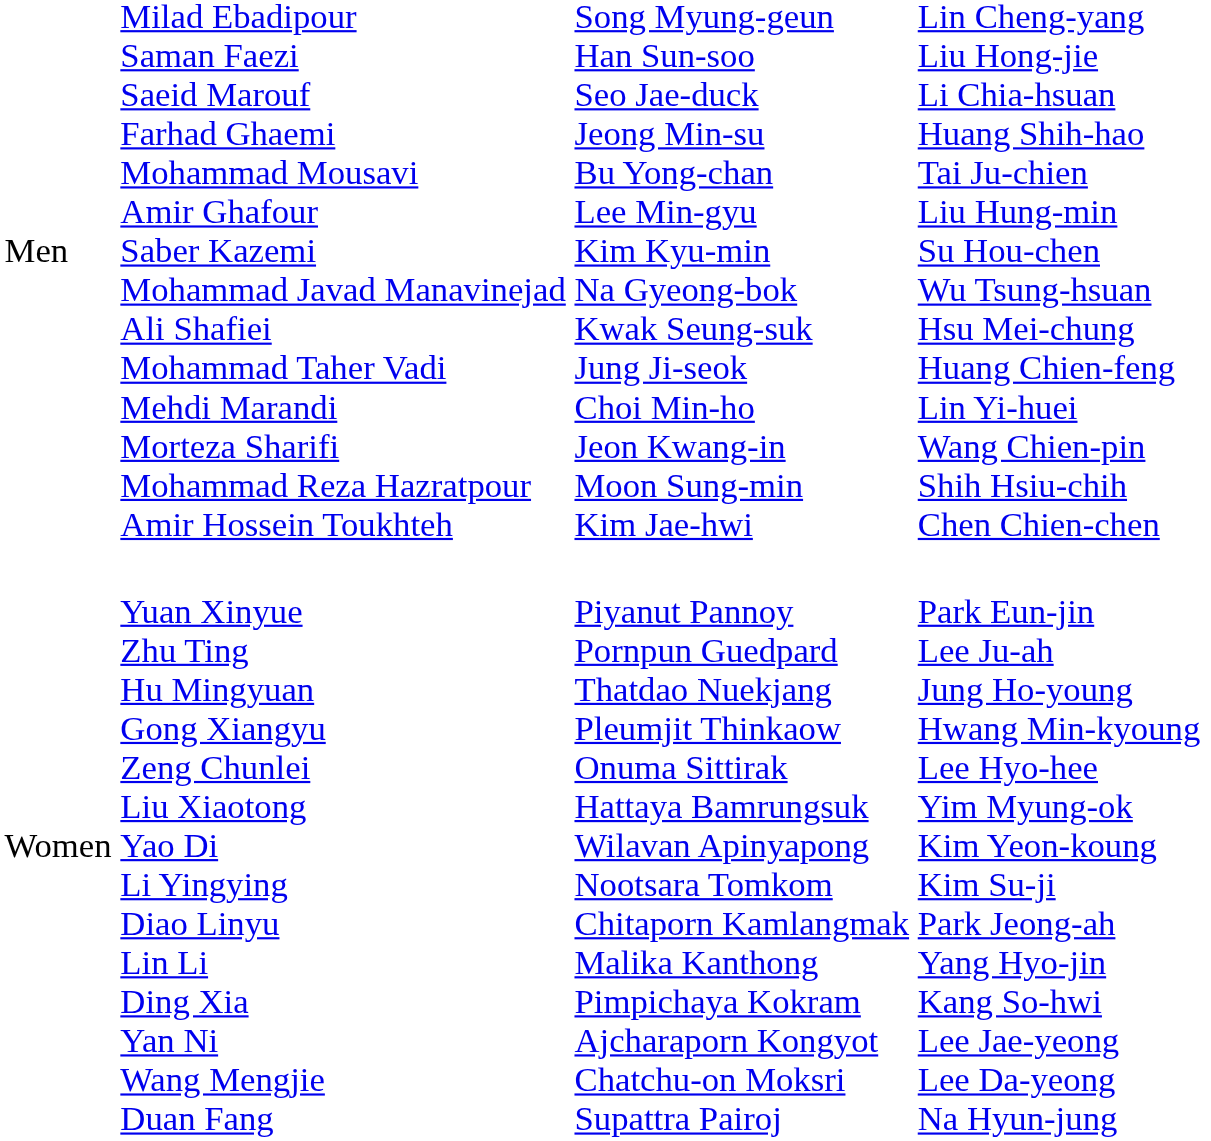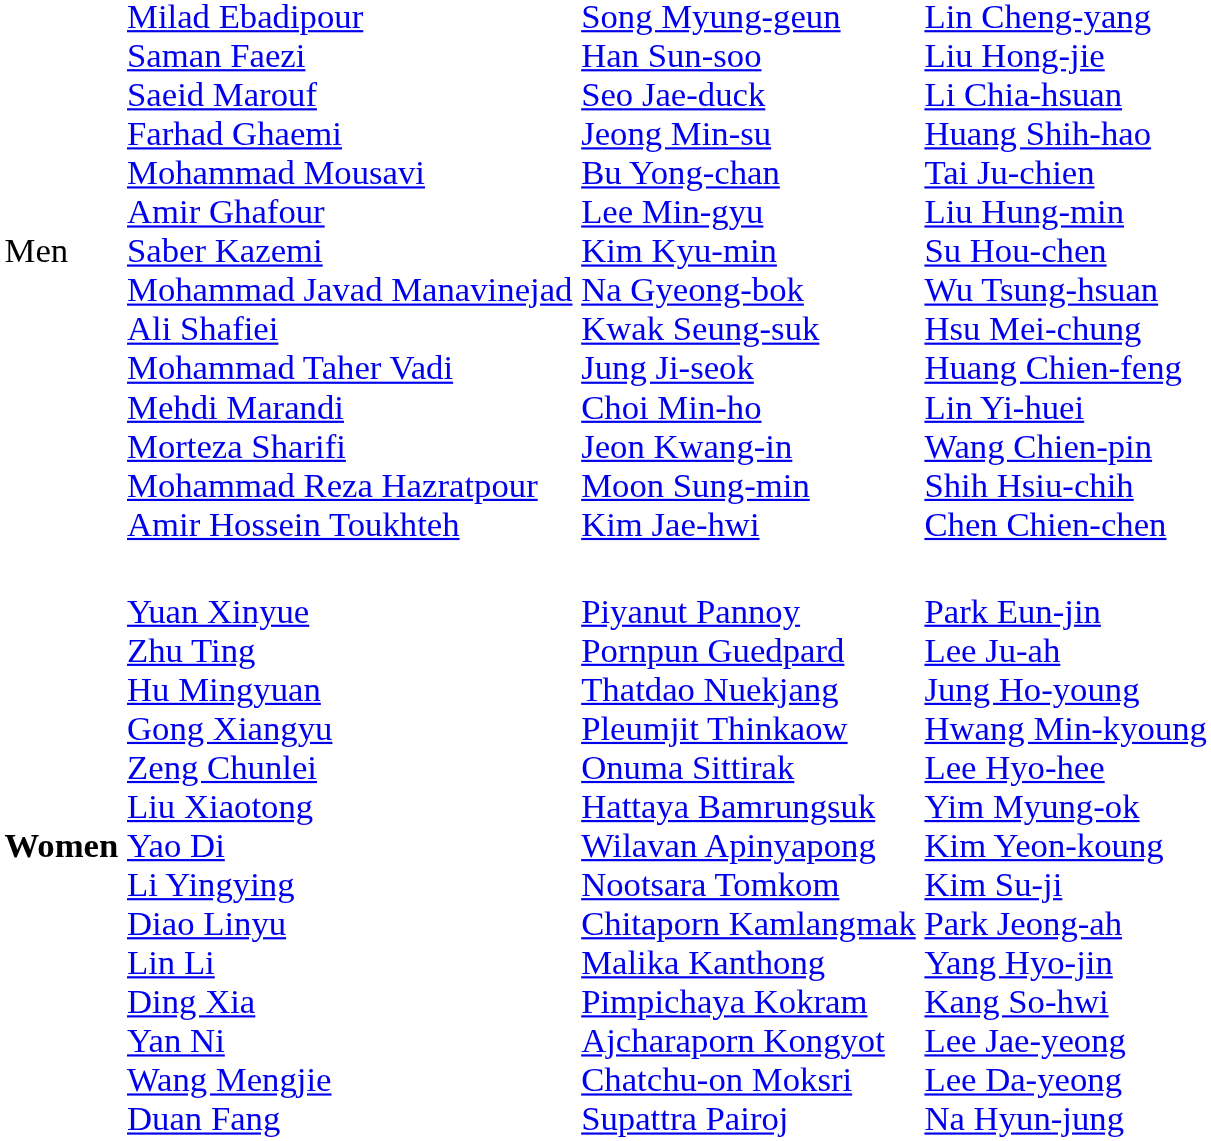 <table>
 <tr>
 <td>Men<br></td>
 <td><br><a href='#'>Milad Ebadipour</a><br><a href='#'>Saman Faezi</a><br><a href='#'>Saeid Marouf</a><br><a href='#'>Farhad Ghaemi</a><br><a href='#'>Mohammad Mousavi</a><br><a href='#'>Amir Ghafour</a><br><a href='#'>Saber Kazemi</a><br><a href='#'>Mohammad Javad Manavinejad</a><br><a href='#'>Ali Shafiei</a><br><a href='#'>Mohammad Taher Vadi</a><br><a href='#'>Mehdi Marandi</a><br><a href='#'>Morteza Sharifi</a><br><a href='#'>Mohammad Reza Hazratpour</a><br><a href='#'>Amir Hossein Toukhteh</a></td>
 <td><br><a href='#'>Song Myung-geun</a><br><a href='#'>Han Sun-soo</a><br><a href='#'>Seo Jae-duck</a><br><a href='#'>Jeong Min-su</a><br><a href='#'>Bu Yong-chan</a><br><a href='#'>Lee Min-gyu</a><br><a href='#'>Kim Kyu-min</a><br><a href='#'>Na Gyeong-bok</a><br><a href='#'>Kwak Seung-suk</a><br><a href='#'>Jung Ji-seok</a><br><a href='#'>Choi Min-ho</a><br><a href='#'>Jeon Kwang-in</a><br><a href='#'>Moon Sung-min</a><br><a href='#'>Kim Jae-hwi</a></td>
 <td><br><a href='#'>Lin Cheng-yang</a><br><a href='#'>Liu Hong-jie</a><br><a href='#'>Li Chia-hsuan</a><br><a href='#'>Huang Shih-hao</a><br><a href='#'>Tai Ju-chien</a><br><a href='#'>Liu Hung-min</a><br><a href='#'>Su Hou-chen</a><br><a href='#'>Wu Tsung-hsuan</a><br><a href='#'>Hsu Mei-chung</a><br><a href='#'>Huang Chien-feng</a><br><a href='#'>Lin Yi-huei</a><br><a href='#'>Wang Chien-pin</a><br><a href='#'>Shih Hsiu-chih</a><br><a href='#'>Chen Chien-chen</a></td>
 </tr>
 <tr>
-<td>Women<br></td>
+<td><strong>Women<br></strong></td>
 <td><br><a href='#'>Yuan Xinyue</a><br><a href='#'>Zhu Ting</a><br><a href='#'>Hu Mingyuan</a><br><a href='#'>Gong Xiangyu</a><br><a href='#'>Zeng Chunlei</a><br><a href='#'>Liu Xiaotong</a><br><a href='#'>Yao Di</a><br><a href='#'>Li Yingying</a><br><a href='#'>Diao Linyu</a><br><a href='#'>Lin Li</a><br><a href='#'>Ding Xia</a><br><a href='#'>Yan Ni</a><br><a href='#'>Wang Mengjie</a><br><a href='#'>Duan Fang</a></td>
 <td><br><a href='#'>Piyanut Pannoy</a><br><a href='#'>Pornpun Guedpard</a><br><a href='#'>Thatdao Nuekjang</a><br><a href='#'>Pleumjit Thinkaow</a><br><a href='#'>Onuma Sittirak</a><br><a href='#'>Hattaya Bamrungsuk</a><br><a href='#'>Wilavan Apinyapong</a><br><a href='#'>Nootsara Tomkom</a><br><a href='#'>Chitaporn Kamlangmak</a><br><a href='#'>Malika Kanthong</a><br><a href='#'>Pimpichaya Kokram</a><br><a href='#'>Ajcharaporn Kongyot</a><br><a href='#'>Chatchu-on Moksri</a><br><a href='#'>Supattra Pairoj</a></td>
 <td><br><a href='#'>Park Eun-jin</a><br><a href='#'>Lee Ju-ah</a><br><a href='#'>Jung Ho-young</a><br><a href='#'>Hwang Min-kyoung</a><br><a href='#'>Lee Hyo-hee</a><br><a href='#'>Yim Myung-ok</a><br><a href='#'>Kim Yeon-koung</a><br><a href='#'>Kim Su-ji</a><br><a href='#'>Park Jeong-ah</a><br><a href='#'>Yang Hyo-jin</a><br><a href='#'>Kang So-hwi</a><br><a href='#'>Lee Jae-yeong</a><br><a href='#'>Lee Da-yeong</a><br><a href='#'>Na Hyun-jung</a></td>
 </tr>
 </table>
